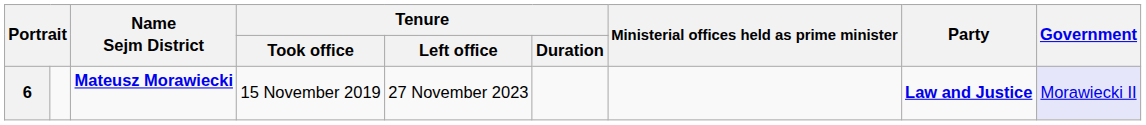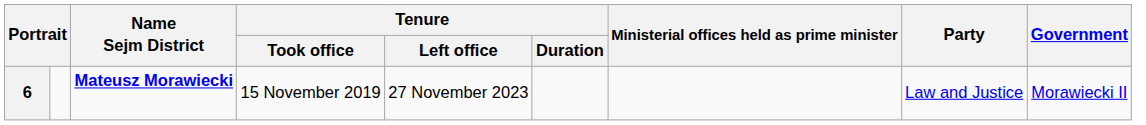 <table class="wikitable" style="line-height:1.4em; text-align:center;">
 <tr>
 <th colspan="2" rowspan="2" scope="col">Portrait</th>
 <th rowspan="2">Name<br>Sejm District<br></th>
 <th colspan="3" scope="colgroup">Tenure</th>
 <th rowspan="2" style="font-size:90%; line-height:normal" scope="col">Ministerial offices held as prime minister</th>
 <th rowspan="2">Party</th>
 <th rowspan="2"><a href='#'>Government</a></th>
 </tr>
 <tr>
 <th>Took office</th>
 <th>Left office</th>
 <th>Duration</th>
 </tr>
 <tr>
 <th style="background:">6</th>
 <td></td>
 <td><strong><a href='#'>Mateusz Morawiecki</a></strong><br> <br></td>
 <td>15 November 2019</td>
 <td>27 November 2023</td>
 <td></td>
 <td rowspan=3 style="font-size:90%;"> </td>
-<td><strong><a href='#'>Law and Justice</a></strong></td>
-<td style="background: lavender;"><a href='#'>Morawiecki II</a></td>
+<td><a href='#'>Law and Justice</a></td>
+<td><a href='#'>Morawiecki II</a></td>
 </tr>
 </table>
